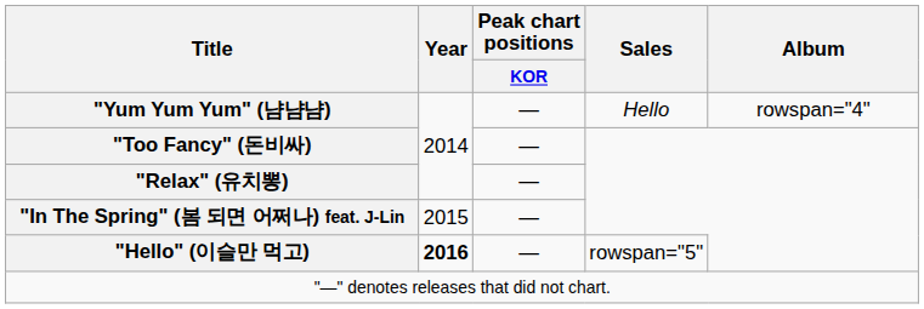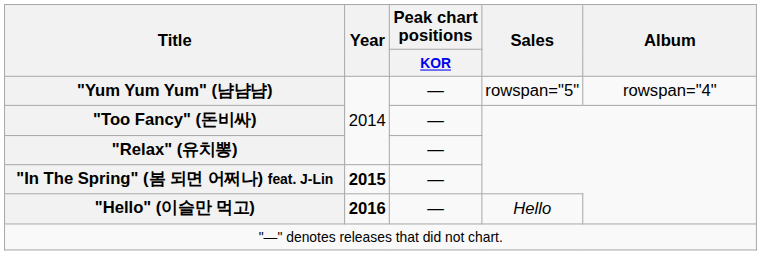 <table class="wikitable plainrowheaders" style="text-align:center;">
 <tr>
 <th scope="col" rowspan="2" style="width:20em;">Title</th>
 <th scope="col" rowspan="2">Year</th>
 <th scope="col">Peak chart <br> positions</th>
 <th scope="col" rowspan="2">Sales</th>
 <th scope="col" rowspan="2" style="width:10em;">Album</th>
 </tr>
 <tr>
 <th><small><a href='#'>KOR</a></small><br></th>
 </tr>
 <tr>
 <th scope="row">"Yum Yum Yum" (냠냠냠)</th>
 <td rowspan="3">2014</td>
 <td>—</td>
-<td><em>Hello</em></td>
+<td>rowspan="5" </td>
 <td>rowspan="4" </td>
 </tr>
 <tr>
 <th scope="row">"Too Fancy" (돈비싸)</th>
 <td>—</td>
 </tr>
 <tr>
 <th scope="row">"Relax" (유치뽕)</th>
 <td>—</td>
 </tr>
 <tr>
 <th scope="row">"In The Spring" (봄 되면 어쩌나) <small>feat. J-Lin</small></th>
-<td>2015</td>
+<td><strong>2015</strong></td>
 <td>—</td>
 </tr>
 <tr>
 <th scope="row">"Hello" (이슬만 먹고)</th>
 <td><strong>2016</strong></td>
 <td>—</td>
-<td>rowspan="5" </td>
+<td><em>Hello</em></td>
 </tr>
 <tr>
 <td colspan="5" style="text-align:center;"><small>"—" denotes releases that did not chart.</small></td>
 </tr>
 </table>
